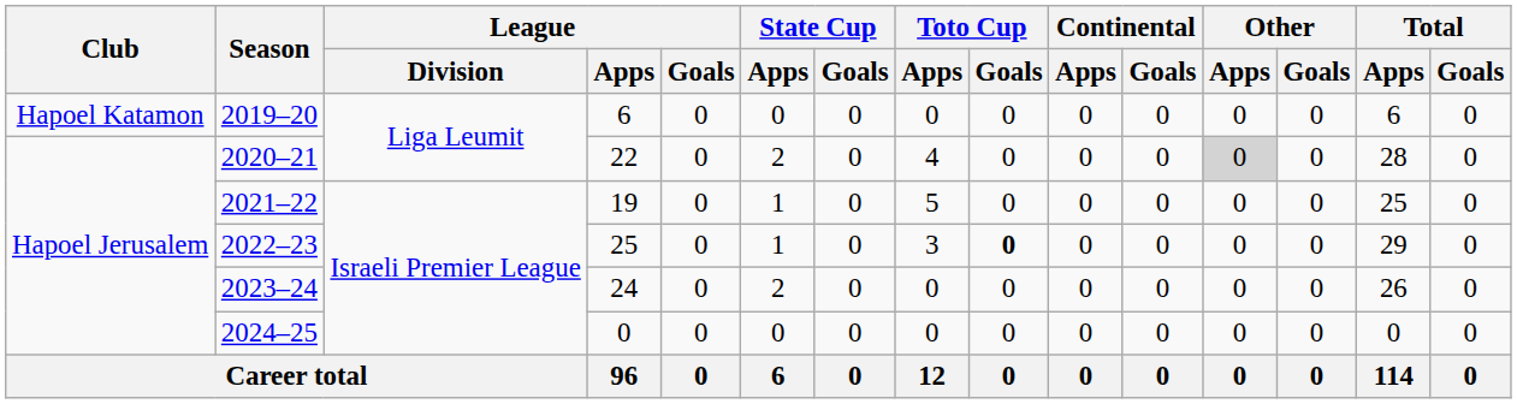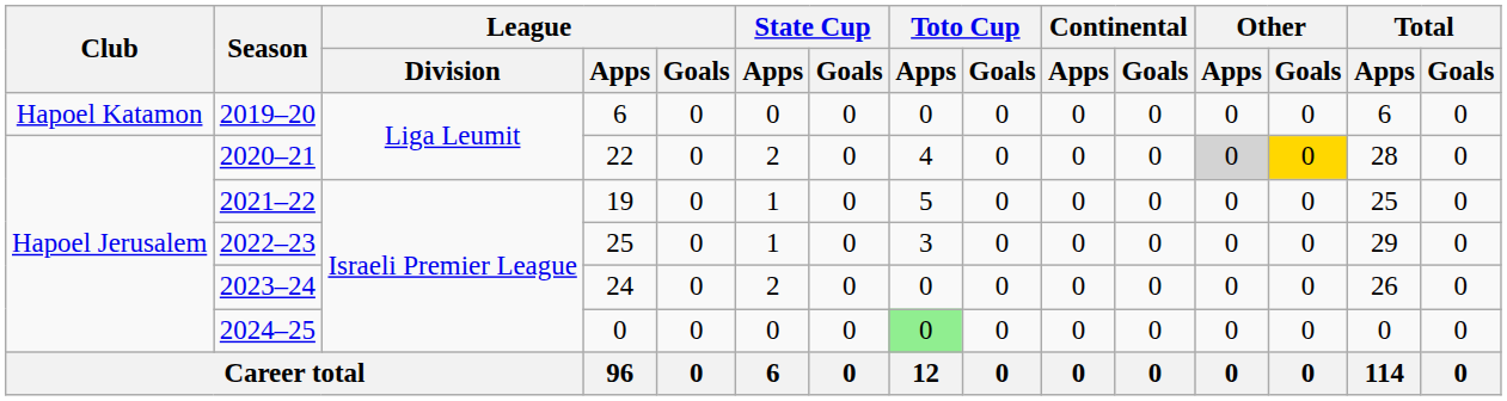 <table class="wikitable" style="text-align: center">
 <tr>
 <th rowspan="2">Club</th>
 <th rowspan="2">Season</th>
 <th colspan="3">League</th>
 <th colspan="2"><a href='#'>State Cup</a></th>
 <th colspan="2"><a href='#'>Toto Cup</a></th>
 <th colspan="2">Continental</th>
 <th colspan="2">Other</th>
 <th colspan="2">Total</th>
 </tr>
 <tr>
 <th>Division</th>
 <th>Apps</th>
 <th>Goals</th>
 <th>Apps</th>
 <th>Goals</th>
 <th>Apps</th>
 <th>Goals</th>
 <th>Apps</th>
 <th>Goals</th>
 <th>Apps</th>
 <th>Goals</th>
 <th>Apps</th>
 <th>Goals</th>
 </tr>
 <tr>
 <td rowspan="1"><a href='#'>Hapoel Katamon</a></td>
 <td><a href='#'>2019–20</a></td>
 <td rowspan="2"><a href='#'>Liga Leumit</a></td>
 <td>6</td>
 <td>0</td>
 <td>0</td>
 <td>0</td>
 <td>0</td>
 <td>0</td>
 <td>0</td>
 <td>0</td>
 <td>0</td>
 <td>0</td>
 <td>6</td>
 <td>0</td>
 </tr>
 <tr>
 <td rowspan="5"><a href='#'>Hapoel Jerusalem</a></td>
 <td><a href='#'>2020–21</a></td>
 <td>22</td>
 <td>0</td>
 <td>2</td>
 <td>0</td>
 <td>4</td>
 <td>0</td>
 <td>0</td>
 <td>0</td>
 <td style="background: lightgrey;">0</td>
-<td>0</td>
+<td style="background: gold;">0</td>
 <td>28</td>
 <td>0</td>
 </tr>
 <tr>
 <td><a href='#'>2021–22</a></td>
 <td rowspan="4"><a href='#'>Israeli Premier League</a></td>
 <td>19</td>
 <td>0</td>
 <td>1</td>
 <td>0</td>
 <td>5</td>
 <td>0</td>
 <td>0</td>
 <td>0</td>
 <td>0</td>
 <td>0</td>
 <td>25</td>
 <td>0</td>
 </tr>
 <tr>
 <td><a href='#'>2022–23</a></td>
 <td>25</td>
 <td>0</td>
 <td>1</td>
 <td>0</td>
 <td>3</td>
-<td><strong>0</strong></td>
+<td>0</td>
 <td>0</td>
 <td>0</td>
 <td>0</td>
 <td>0</td>
 <td>29</td>
 <td>0</td>
 </tr>
 <tr>
 <td><a href='#'>2023–24</a></td>
 <td>24</td>
 <td>0</td>
 <td>2</td>
 <td>0</td>
 <td>0</td>
 <td>0</td>
 <td>0</td>
 <td>0</td>
 <td>0</td>
 <td>0</td>
 <td>26</td>
 <td>0</td>
 </tr>
 <tr>
 <td><a href='#'>2024–25</a></td>
 <td>0</td>
 <td>0</td>
 <td>0</td>
 <td>0</td>
-<td>0</td>
+<td style="background: lightgreen;">0</td>
 <td>0</td>
 <td>0</td>
 <td>0</td>
 <td>0</td>
 <td>0</td>
 <td>0</td>
 <td>0</td>
 </tr>
 <tr>
 <th colspan="3">Career total</th>
 <th>96</th>
 <th>0</th>
 <th>6</th>
 <th>0</th>
 <th>12</th>
 <th>0</th>
 <th>0</th>
 <th>0</th>
 <th>0</th>
 <th>0</th>
 <th>114</th>
 <th>0</th>
 </tr>
 </table>
